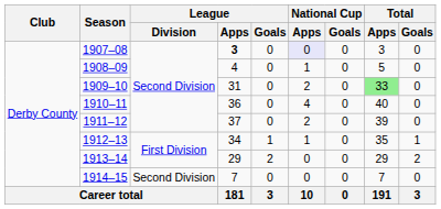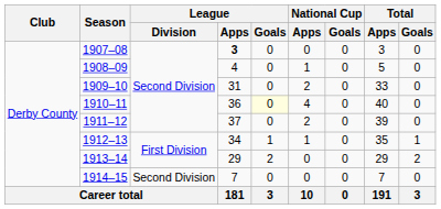 <table class="wikitable" style="text-align: center">
 <tr>
 <th rowspan="2">Club</th>
 <th rowspan="2">Season</th>
 <th colspan="3">League</th>
 <th colspan="2">National Cup</th>
 <th colspan="2">Total</th>
 </tr>
 <tr>
 <th>Division</th>
 <th>Apps</th>
 <th>Goals</th>
 <th>Apps</th>
 <th>Goals</th>
 <th>Apps</th>
 <th>Goals</th>
 </tr>
 <tr>
 <td rowspan="8"><a href='#'>Derby County</a></td>
 <td><a href='#'>1907–08</a></td>
 <td rowspan="5"><a href='#'>Second Division</a></td>
 <td><strong>3</strong></td>
 <td>0</td>
-<td style="background: lavender;">0</td>
+<td>0</td>
 <td>0</td>
 <td>3</td>
 <td>0</td>
 </tr>
 <tr>
 <td><a href='#'>1908–09</a></td>
 <td>4</td>
 <td>0</td>
 <td>1</td>
 <td>0</td>
 <td>5</td>
 <td>0</td>
 </tr>
 <tr>
 <td><a href='#'>1909–10</a></td>
 <td>31</td>
 <td>0</td>
 <td>2</td>
 <td>0</td>
-<td style="background: lightgreen;">33</td>
+<td>33</td>
 <td>0</td>
 </tr>
 <tr>
 <td><a href='#'>1910–11</a></td>
 <td>36</td>
-<td>0</td>
+<td style="background: lightyellow;">0</td>
 <td>4</td>
 <td>0</td>
 <td>40</td>
 <td>0</td>
 </tr>
 <tr>
 <td><a href='#'>1911–12</a></td>
 <td>37</td>
 <td>0</td>
 <td>2</td>
 <td>0</td>
 <td>39</td>
 <td>0</td>
 </tr>
 <tr>
 <td><a href='#'>1912–13</a></td>
 <td rowspan="2"><a href='#'>First Division</a></td>
 <td>34</td>
 <td>1</td>
 <td>1</td>
 <td>0</td>
 <td>35</td>
 <td>1</td>
 </tr>
 <tr>
 <td><a href='#'>1913–14</a></td>
 <td>29</td>
 <td>2</td>
 <td>0</td>
 <td>0</td>
 <td>29</td>
 <td>2</td>
 </tr>
 <tr>
 <td><a href='#'>1914–15</a></td>
 <td>Second Division</td>
 <td>7</td>
 <td>0</td>
 <td>0</td>
 <td>0</td>
 <td>7</td>
 <td>0</td>
 </tr>
 <tr>
 <th colspan="3">Career total</th>
 <th>181</th>
 <th>3</th>
 <th>10</th>
 <th>0</th>
 <th>191</th>
 <th>3</th>
 </tr>
 </table>
